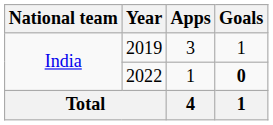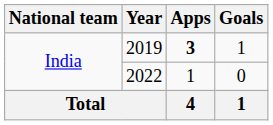 <table class="wikitable" style="text-align:center">
 <tr>
 <th>National team</th>
 <th>Year</th>
 <th>Apps</th>
 <th>Goals</th>
 </tr>
 <tr>
 <td rowspan="2"><a href='#'>India</a></td>
 <td>2019</td>
-<td>3</td>
+<td><strong>3</strong></td>
 <td>1</td>
 </tr>
 <tr>
 <td>2022</td>
 <td>1</td>
-<td><strong>0</strong></td>
+<td>0</td>
 </tr>
 <tr>
 <th colspan="2">Total</th>
 <th>4</th>
 <th>1</th>
 </tr>
 </table>
